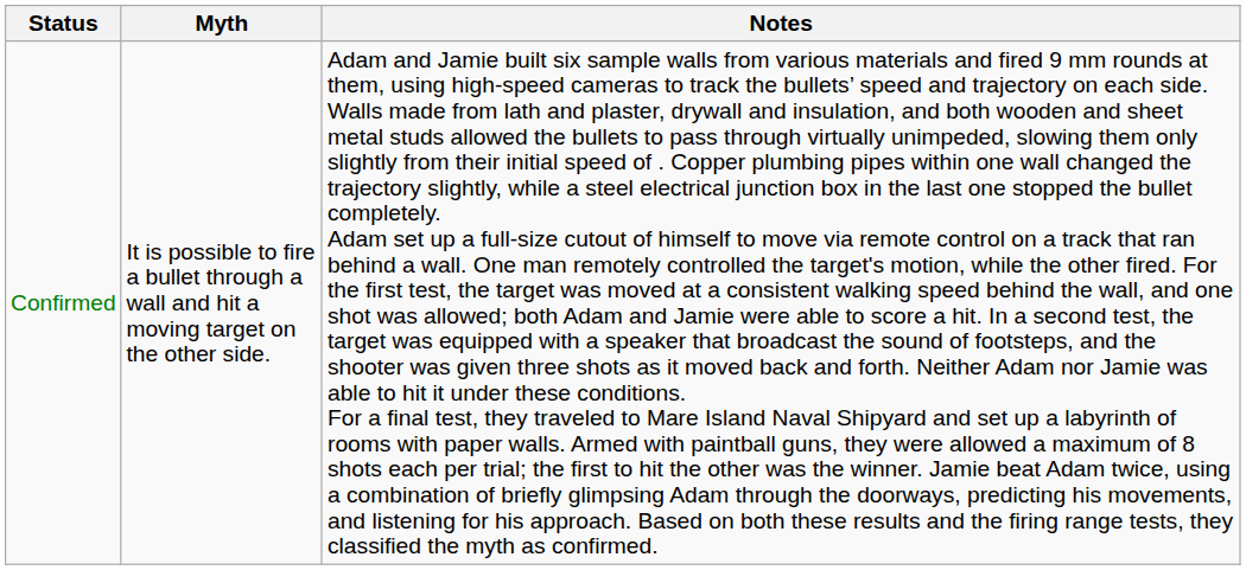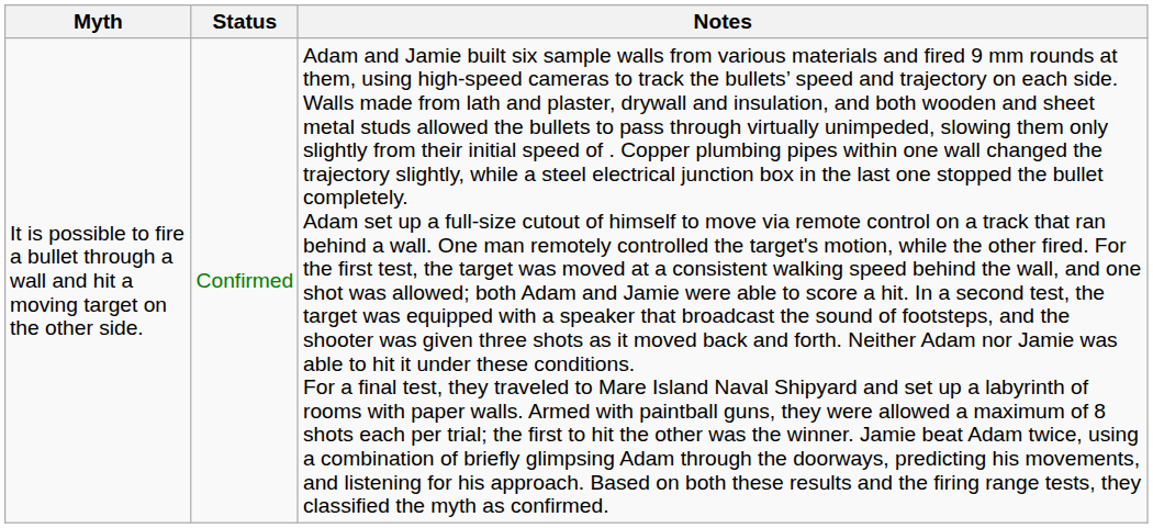 <table class="wikitable plainrowheaders">
 <tr>
+<th scope"col">Myth</th>
 <th scope"col">Status</th>
-<th scope"col">Myth</th>
 <th scope"col">Notes</th>
 </tr>
 <tr>
+<td scope"row">It is possible to fire a bullet through a wall and hit a moving target on the other side.</td>
 <td style="color:green">Confirmed</td>
-<td scope"row">It is possible to fire a bullet through a wall and hit a moving target on the other side.</td>
 <td>Adam and Jamie built six sample walls from various materials and fired 9 mm rounds at them, using high-speed cameras to track the bullets’ speed and trajectory on each side. Walls made from lath and plaster, drywall and insulation, and both wooden and sheet metal studs allowed the bullets to pass through virtually unimpeded, slowing them only slightly from their initial speed of . Copper plumbing pipes within one wall changed the trajectory slightly, while a steel electrical junction box in the last one stopped the bullet completely.<br>Adam set up a full-size cutout of himself to move via remote control on a track that ran behind a wall. One man remotely controlled the target's motion, while the other fired. For the first test, the target was moved at a consistent walking speed behind the wall, and one shot was allowed; both Adam and Jamie were able to score a hit. In a second test, the target was equipped with a speaker that broadcast the sound of footsteps, and the shooter was given three shots as it moved back and forth. Neither Adam nor Jamie was able to hit it under these conditions.<br>For a final test, they traveled to Mare Island Naval Shipyard and set up a labyrinth of rooms with paper walls. Armed with paintball guns, they were allowed a maximum of 8 shots each per trial; the first to hit the other was the winner. Jamie beat Adam twice, using a combination of briefly glimpsing Adam through the doorways, predicting his movements, and listening for his approach. Based on both these results and the firing range tests, they classified the myth as confirmed.</td>
 </tr>
 </table>
